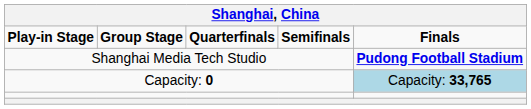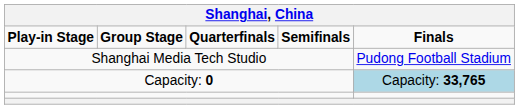 <table class="wikitable" style="text-align:center">
 <tr>
 <th colspan="5"> <a href='#'>Shanghai</a>, <a href='#'>China</a></th>
 </tr>
 <tr>
 <td><strong>Play-in Stage</strong></td>
 <td><strong>Group Stage</strong></td>
 <td><strong>Quarterfinals</strong></td>
 <td><strong>Semifinals</strong></td>
 <td><strong>Finals</strong></td>
 </tr>
 <tr>
 <td colspan="4">Shanghai Media Tech Studio</td>
-<td><strong><a href='#'>Pudong Football Stadium</a></strong></td>
+<td><a href='#'>Pudong Football Stadium</a></td>
 </tr>
 <tr>
 <td colspan="4">Capacity: <strong>0</strong></td>
 <td style="background: lightblue;">Capacity: <strong>33,765</strong></td>
 </tr>
 <tr>
 <td colspan="4"></td>
 <td></td>
 </tr>
 <tr>
 <th colspan="5"></th>
 </tr>
 </table>
